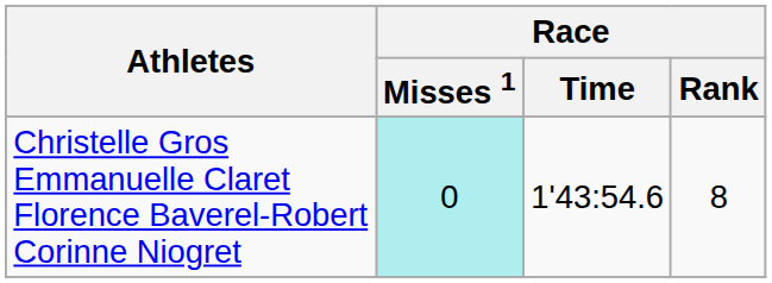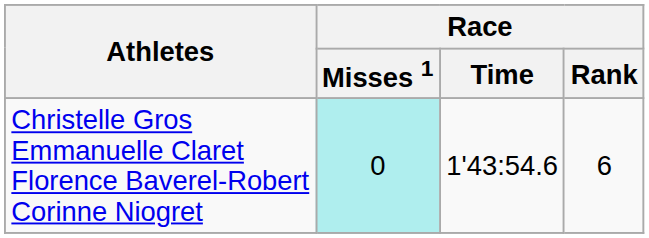 <table class="wikitable" border="1" style="font-size:90%">
 <tr>
 <th rowspan=2>Athletes</th>
 <th colspan=3>Race</th>
 </tr>
 <tr>
 <th>Misses <sup>1</sup></th>
 <th>Time</th>
 <th>Rank</th>
 </tr>
 <tr>
 <td><a href='#'>Christelle Gros</a><br><a href='#'>Emmanuelle Claret</a><br><a href='#'>Florence Baverel-Robert</a><br><a href='#'>Corinne Niogret</a></td>
 <td align=center style="background: paleturquoise;">0</td>
 <td align=center>1'43:54.6</td>
-<td align=center>8</td>
+<td align=center>6</td>
 </tr>
 </table>
